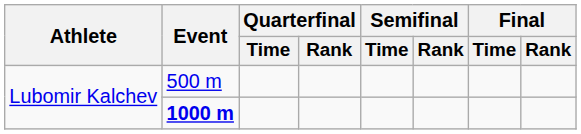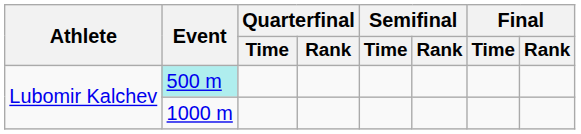 <table class="wikitable" style="font-size:90%">
 <tr>
 <th rowspan=2>Athlete</th>
 <th rowspan=2>Event</th>
 <th colspan=2>Quarterfinal</th>
 <th colspan=2>Semifinal</th>
 <th colspan=2>Final</th>
 </tr>
 <tr style="font-size:95%">
 <th>Time</th>
 <th>Rank</th>
 <th>Time</th>
 <th>Rank</th>
 <th>Time</th>
 <th>Rank</th>
 </tr>
 <tr align=center>
 <td align=left rowspan=2><a href='#'>Lubomir Kalchev</a></td>
-<td align=left><a href='#'>500 m</a></td>
+<td align=left style="background: paleturquoise;"><a href='#'>500 m</a></td>
 <td></td>
 <td></td>
 <td></td>
 <td></td>
 <td></td>
 <td></td>
 </tr>
 <tr align=center>
-<td align=left><strong><a href='#'>1000 m</a></strong></td>
+<td align=left><a href='#'>1000 m</a></td>
 <td></td>
 <td></td>
 <td></td>
 <td></td>
 <td></td>
 <td></td>
 </tr>
 </table>
